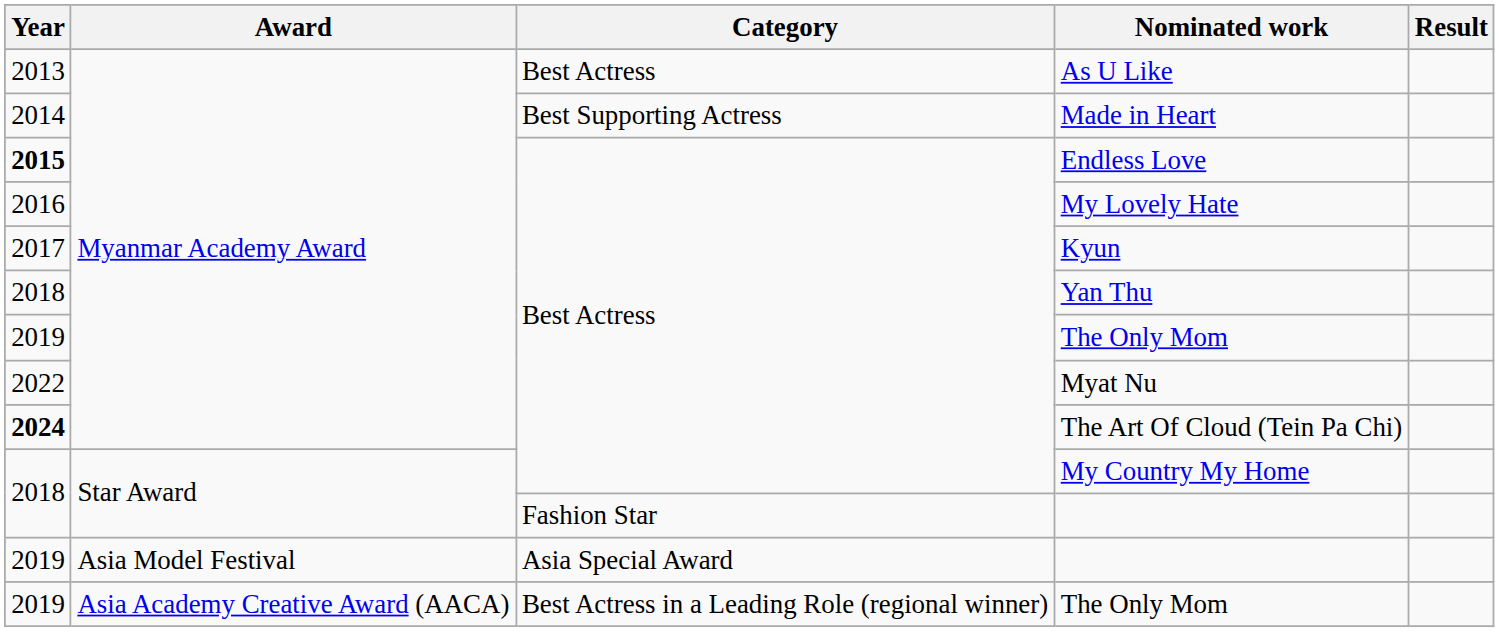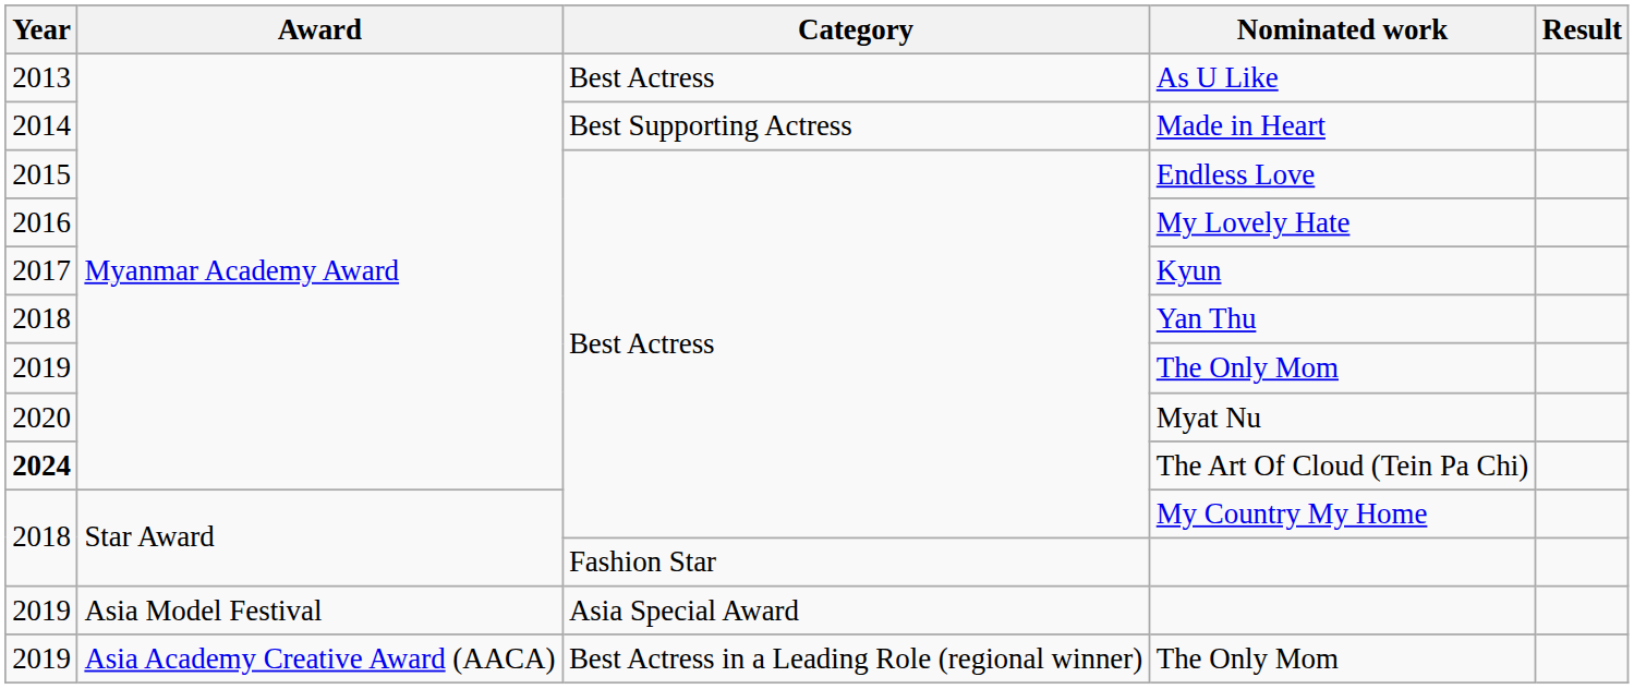 <table class="wikitable" style="font-size: 95%">
 <tr>
 <th>Year</th>
 <th>Award</th>
 <th>Category</th>
 <th>Nominated work</th>
 <th>Result</th>
 </tr>
 <tr>
 <td>2013</td>
 <td rowspan="9"><a href='#'>Myanmar Academy Award</a></td>
 <td>Best Actress</td>
 <td><a href='#'>As U Like</a></td>
 <td></td>
 </tr>
 <tr>
 <td>2014</td>
 <td>Best Supporting Actress</td>
 <td><a href='#'>Made in Heart</a></td>
 <td></td>
 </tr>
 <tr>
-<td><strong>2015</strong></td>
+<td>2015</td>
 <td rowspan = 8>Best Actress</td>
 <td><a href='#'>Endless Love</a></td>
 <td></td>
 </tr>
 <tr>
 <td>2016</td>
 <td><a href='#'>My Lovely Hate</a></td>
 <td></td>
 </tr>
 <tr>
 <td>2017</td>
 <td><a href='#'>Kyun</a></td>
 <td></td>
 </tr>
 <tr>
 <td>2018</td>
 <td><a href='#'>Yan Thu</a></td>
 <td></td>
 </tr>
 <tr>
 <td>2019</td>
 <td><a href='#'>The Only Mom</a></td>
 <td></td>
 </tr>
 <tr>
-<td>2022</td>
+<td>2020</td>
 <td>Myat Nu</td>
 <td></td>
 </tr>
 <tr>
 <td><strong>2024</strong></td>
 <td>The Art Of Cloud (Tein Pa Chi)</td>
 <td></td>
 </tr>
 <tr>
 <td rowspan = "2">2018</td>
 <td rowspan = "2">Star Award</td>
 <td><a href='#'>My Country My Home</a></td>
 <td></td>
 </tr>
 <tr>
 <td>Fashion Star</td>
 <td></td>
 <td></td>
 </tr>
 <tr>
 <td>2019</td>
 <td>Asia Model Festival</td>
 <td>Asia Special Award</td>
 <td></td>
 <td></td>
 </tr>
 <tr>
 <td>2019</td>
 <td><a href='#'>Asia Academy Creative Award</a>  (AACA)</td>
 <td>Best Actress in a Leading Role (regional winner)</td>
 <td>The Only Mom</td>
 <td></td>
 </tr>
 </table>
